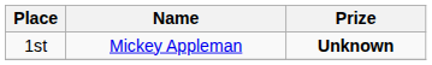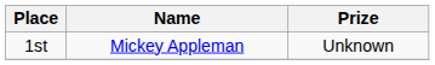 <table class="wikitable">
 <tr>
 <th width="50">Place</th>
 <th width="200">Name</th>
 <th width="125">Prize</th>
 </tr>
 <tr>
 <td align = "center">1st</td>
 <td align = "center"><a href='#'>Mickey Appleman</a></td>
-<td align = "center"><strong>Unknown</strong></td>
+<td align = "center">Unknown</td>
 </tr>
 <tr>
 </tr>
 </table>
